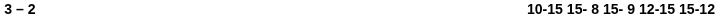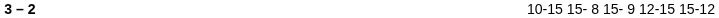 <table width=100% cellspacing=1>
 <tr>
 <th width=20%></th>
 <th width=12%></th>
 <th width=20%></th>
 <th width=33%></th>
 <td></td>
 </tr>
 <tr style=font-size:90%>
 <td align=right></td>
 <td align=center><strong>3 – 2</strong></td>
 <td><strong></strong></td>
-<td><strong>10-15 15- 8 15- 9 12-15 15-12</strong></td>
+<td>10-15 15- 8 15- 9 12-15 15-12</td>
 </tr>
 </table>
